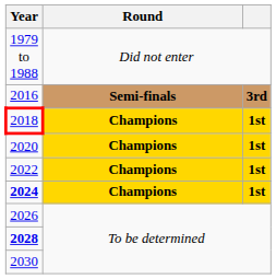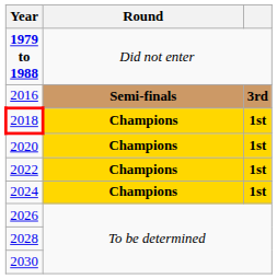 <table class="wikitable" style="text-align: center; font-size:90%">
 <tr>
 <th>Year</th>
 <th style="width:200px">Round</th>
 <th></th>
 </tr>
 <tr>
-<td><a href='#'>1979</a><br>to<br><a href='#'>1988</a></td>
+<td><strong><a href='#'>1979</a><br>to<br><a href='#'>1988</a></strong></td>
 <td colspan="2"><em>Did not enter</em></td>
 </tr>
 <tr>
 <td><a href='#'>2016</a></td>
 <td bgcolor="cc9966"><strong>Semi-finals</strong></td>
 <td bgcolor="cc9966"><strong>3rd</strong></td>
 </tr>
 <tr>
 <td style="border: 3px solid red"><a href='#'>2018</a></td>
 <td bgcolor=Gold><strong>Champions</strong></td>
 <td bgcolor=Gold><strong>1st</strong></td>
 </tr>
 <tr>
 <td><a href='#'>2020</a></td>
 <td bgcolor=Gold><strong>Champions</strong></td>
 <td bgcolor=Gold><strong>1st</strong></td>
 </tr>
 <tr>
 <td><a href='#'>2022</a></td>
 <td bgcolor=Gold><strong>Champions</strong></td>
 <td bgcolor=Gold><strong>1st</strong></td>
 </tr>
 <tr>
-<td><strong><a href='#'>2024</a></strong></td>
+<td><a href='#'>2024</a></td>
 <td bgcolor=Gold><strong>Champions</strong></td>
 <td bgcolor=Gold><strong>1st</strong></td>
 </tr>
 <tr>
 <td><a href='#'>2026</a></td>
 <td colspan="2" rowspan="3"><em>To be determined</em></td>
 </tr>
 <tr>
-<td><strong><a href='#'>2028</a></strong></td>
+<td><a href='#'>2028</a></td>
 </tr>
 <tr>
 <td><a href='#'>2030</a></td>
 </tr>
 </table>
